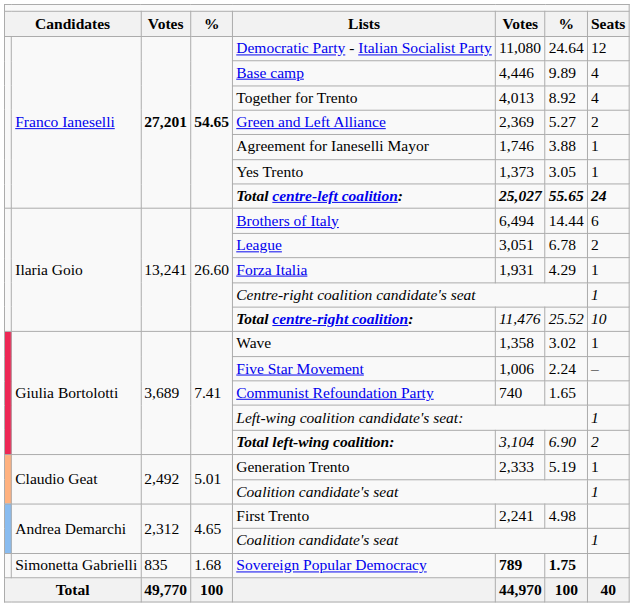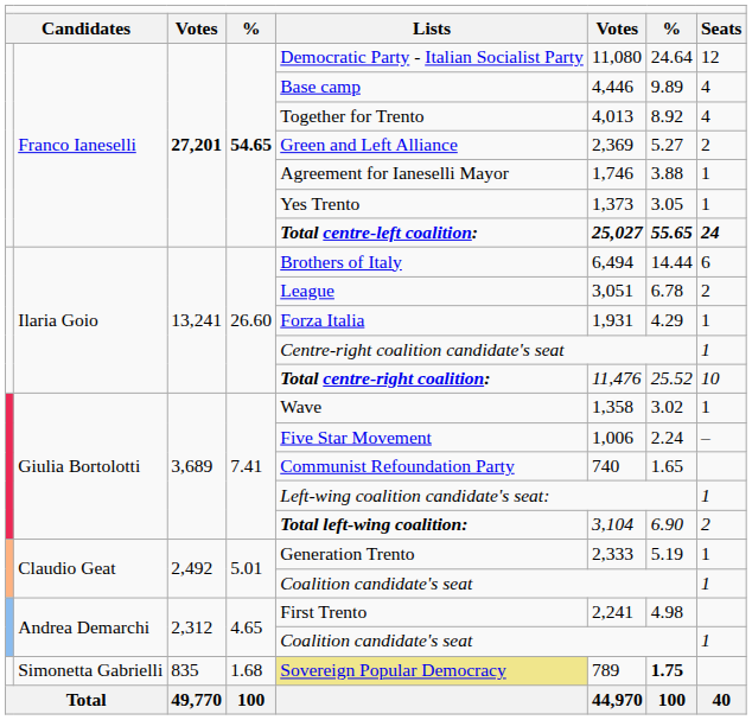 <table class="wikitable sortable">
 <tr>
 <td colspan="8"></td>
 </tr>
 <tr>
 <th colspan="2">Candidates</th>
 <th>Votes</th>
 <th>%</th>
 <th>Lists</th>
 <th>Votes</th>
 <th>%</th>
 <th>Seats</th>
 </tr>
 <tr>
 <td rowspan="7"></td>
 <td rowspan="7"><a href='#'>Franco Ianeselli</a> </td>
 <td rowspan="7"><strong>27,201</strong></td>
 <td rowspan="7"><strong>54.65</strong></td>
 <td><a href='#'>Democratic Party</a> - <a href='#'>Italian Socialist Party</a></td>
 <td>11,080</td>
 <td>24.64</td>
 <td>12</td>
 </tr>
 <tr>
 <td><a href='#'>Base camp</a></td>
 <td>4,446</td>
 <td>9.89</td>
 <td>4</td>
 </tr>
 <tr>
 <td>Together for Trento</td>
 <td>4,013</td>
 <td>8.92</td>
 <td>4</td>
 </tr>
 <tr>
 <td><a href='#'>Green and Left Alliance</a></td>
 <td>2,369</td>
 <td>5.27</td>
 <td>2</td>
 </tr>
 <tr>
 <td>Agreement for Ianeselli Mayor</td>
 <td>1,746</td>
 <td>3.88</td>
 <td>1</td>
 </tr>
 <tr>
 <td>Yes Trento</td>
 <td>1,373</td>
 <td>3.05</td>
 <td>1</td>
 </tr>
 <tr>
 <td><strong><em>Total <a href='#'>centre-left coalition</a>:</em></strong></td>
 <td><strong><em>25,027</em></strong></td>
 <td><strong><em>55.65</em></strong></td>
 <td><strong><em>24</em></strong></td>
 </tr>
 <tr>
 <td rowspan="5"></td>
 <td rowspan="5">Ilaria Goio</td>
 <td rowspan="5">13,241</td>
 <td rowspan="5">26.60</td>
 <td><a href='#'>Brothers of Italy</a></td>
 <td>6,494</td>
 <td>14.44</td>
 <td>6</td>
 </tr>
 <tr>
 <td><a href='#'>League</a></td>
 <td>3,051</td>
 <td>6.78</td>
 <td>2</td>
 </tr>
 <tr>
 <td><a href='#'>Forza Italia</a></td>
 <td>1,931</td>
 <td>4.29</td>
 <td>1</td>
 </tr>
 <tr>
 <td colspan="3"><em>Centre-right coalition candidate's seat</em></td>
 <td><em>1</em></td>
 </tr>
 <tr>
 <td><strong><em>Total <a href='#'>centre-right coalition</a>:</em></strong></td>
 <td><em>11,476</em></td>
 <td><em>25.52</em></td>
 <td><em>10</em></td>
 </tr>
 <tr>
 <td rowspan="5" bgcolor="#ED2855"></td>
 <td rowspan="5">Giulia Bortolotti</td>
 <td rowspan="5">3,689</td>
 <td rowspan="5">7.41</td>
 <td>Wave</td>
 <td>1,358</td>
 <td>3.02</td>
 <td>1</td>
 </tr>
 <tr>
 <td><a href='#'>Five Star Movement</a></td>
 <td>1,006</td>
 <td>2.24</td>
 <td>–</td>
 </tr>
 <tr>
 <td><a href='#'>Communist Refoundation Party</a></td>
 <td>740</td>
 <td>1.65</td>
 <td></td>
 </tr>
 <tr>
 <td colspan="3"><em>Left-wing coalition candidate's seat:</em></td>
 <td><em>1</em></td>
 </tr>
 <tr>
 <td><strong><em>Total left-wing coalition:</em></strong></td>
 <td><em>3,104</em></td>
 <td><em>6.90</em></td>
 <td><em>2</em></td>
 </tr>
 <tr>
 <td rowspan="2" bgcolor="#FFB280"></td>
 <td rowspan="2">Claudio Geat</td>
 <td rowspan="2">2,492</td>
 <td rowspan="2">5.01</td>
 <td>Generation Trento</td>
 <td>2,333</td>
 <td>5.19</td>
 <td>1</td>
 </tr>
 <tr>
 <td colspan="3"><em>Coalition candidate's seat</em></td>
 <td><em>1</em></td>
 </tr>
 <tr>
 <td rowspan="2" bgcolor="#89BCF0"></td>
 <td rowspan="2">Andrea Demarchi</td>
 <td rowspan="2">2,312</td>
 <td rowspan="2">4.65</td>
 <td>First Trento</td>
 <td>2,241</td>
 <td>4.98</td>
 <td></td>
 </tr>
 <tr>
 <td colspan="3"><em>Coalition candidate's seat</em></td>
 <td><em>1</em></td>
 </tr>
 <tr>
 <td></td>
 <td rowspan="1">Simonetta Gabrielli</td>
 <td>835</td>
 <td>1.68</td>
-<td><a href='#'>Sovereign Popular Democracy</a></td>
-<td><strong>789</strong></td>
+<td style="background: khaki;"><a href='#'>Sovereign Popular Democracy</a></td>
+<td>789</td>
 <td><strong>1.75</strong></td>
 <td></td>
 </tr>
 <tr>
 <th colspan="2">Total</th>
 <th>49,770</th>
 <th>100</th>
 <th></th>
 <th>44,970</th>
 <th>100</th>
 <th>40</th>
 </tr>
 </table>
